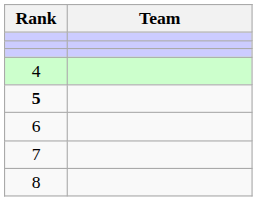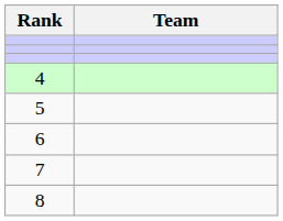 <table class="wikitable" style="text-align: center;">
 <tr>
 <th width=50>Rank</th>
 <th width=160>Team</th>
 </tr>
 <tr bgcolor=ccccff>
 <td></td>
 <td align=left></td>
 </tr>
 <tr bgcolor=ccccff>
 <td></td>
 <td align=left></td>
 </tr>
 <tr bgcolor=ccccff>
 <td></td>
 <td align=left></td>
 </tr>
 <tr bgcolor=ccffcc>
 <td>4</td>
 <td align=left></td>
 </tr>
 <tr>
-<td><strong>5</strong></td>
+<td>5</td>
 <td align=left></td>
 </tr>
 <tr>
 <td>6</td>
 <td align=left></td>
 </tr>
 <tr>
 <td>7</td>
 <td align=left></td>
 </tr>
 <tr>
 <td>8</td>
 <td align=left></td>
 </tr>
 </table>
